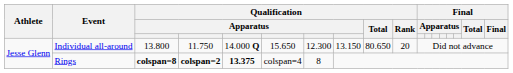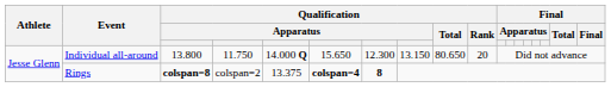 <table class=wikitable style=font-size:90%;text-align:center>
 <tr>
 <th rowspan=3>Athlete</th>
 <th rowspan=3>Event</th>
 <th colspan=8>Qualification</th>
 <th colspan=8>Final</th>
 </tr>
 <tr style=font-size:95%>
 <th colspan=6>Apparatus</th>
 <th rowspan=2>Total</th>
 <th rowspan=2>Rank</th>
 <th colspan=6>Apparatus</th>
 <th rowspan=2>Total</th>
 <th rowspan=2>Final</th>
 </tr>
 <tr style=font-size:95%>
 <th></th>
 <th></th>
 <th></th>
 <th></th>
 <th></th>
 <th></th>
 <th></th>
 <th></th>
 <th></th>
 <th></th>
 <th></th>
 <th></th>
 </tr>
 <tr>
 <td align=left rowspan=2><a href='#'>Jesse Glenn</a></td>
 <td align=left><a href='#'>Individual all-around</a></td>
 <td>13.800</td>
 <td>11.750</td>
 <td>14.000 <strong>Q</strong></td>
 <td>15.650</td>
 <td>12.300</td>
 <td>13.150</td>
 <td>80.650</td>
 <td>20</td>
 <td colspan=8>Did not advance</td>
 </tr>
 <tr>
 <td align=left><a href='#'>Rings</a></td>
 <td><strong>colspan=8 </strong></td>
-<td><strong>colspan=2 </strong></td>
-<td><strong>13.375</strong></td>
-<td>colspan=4 </td>
-<td>8</td>
+<td>colspan=2 </td>
+<td>13.375</td>
+<td><strong>colspan=4 </strong></td>
+<td><strong>8</strong></td>
 </tr>
 </table>
